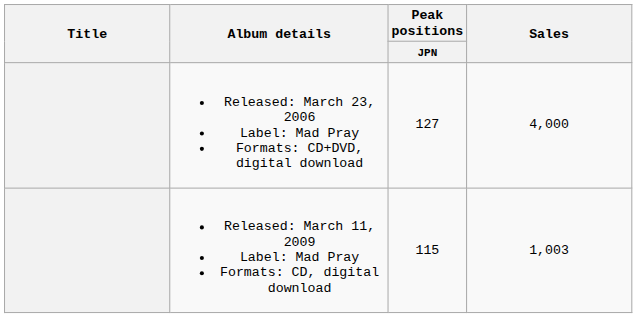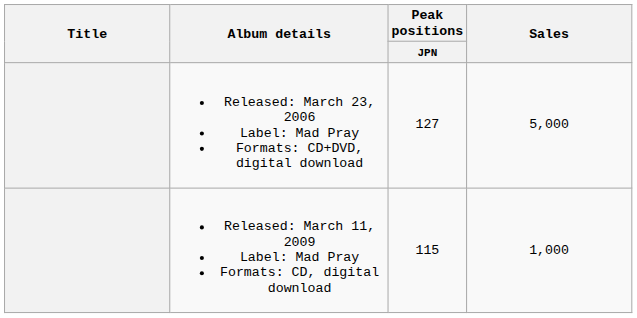 <table class="wikitable plainrowheaders" style="text-align:center;">
 <tr>
 <th style="width:12em;" rowspan="2">Title</th>
 <th style="width:16em;" rowspan="2">Album details</th>
 <th>Peak positions</th>
 <th style="width:12em;" rowspan="2">Sales</th>
 </tr>
 <tr>
 <th style="width:2.5em;"><small>JPN</small><br></th>
 </tr>
 <tr>
 <th scope="row"><em></em></th>
 <td><br><ul><li>Released: March 23, 2006</li><li>Label: Mad Pray</li><li>Formats: CD+DVD, digital download</li></ul></td>
 <td>127</td>
-<td>4,000</td>
+<td>5,000</td>
 </tr>
 <tr>
 <th scope="row"><em></em></th>
 <td><br><ul><li>Released: March 11, 2009</li><li>Label: Mad Pray</li><li>Formats: CD, digital download</li></ul></td>
 <td>115</td>
-<td>1,003</td>
+<td>1,000</td>
 </tr>
 </table>
